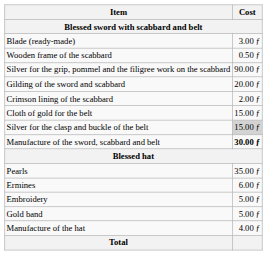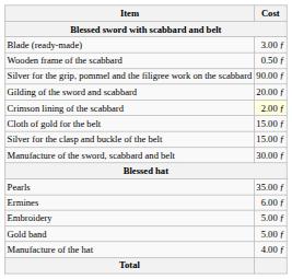 <table class="wikitable" style="font-size: 88%; float: right; clear:right; margin-left:1em">
 <tr>
 <th>Item</th>
 <th>Cost</th>
 </tr>
 <tr>
 <th Colspan=2 align=left>Blessed sword with scabbard and belt</th>
 </tr>
 <tr>
 <td>Blade (ready-made)</td>
 <td align=right>3.00 ƒ</td>
 </tr>
 <tr>
 <td>Wooden frame of the scabbard</td>
 <td align=right>0.50 ƒ</td>
 </tr>
 <tr>
 <td>Silver for the grip, pommel and the filigree work on the scabbard</td>
 <td align=right>90.00 ƒ</td>
 </tr>
 <tr>
 <td>Gilding of the sword and scabbard</td>
 <td align=right>20.00 ƒ</td>
 </tr>
 <tr>
 <td>Crimson lining of the scabbard</td>
-<td align=right>2.00 ƒ</td>
+<td align=right style="background: lightyellow;">2.00 ƒ</td>
 </tr>
 <tr>
 <td>Cloth of gold for the belt</td>
 <td align=right>15.00 ƒ</td>
 </tr>
 <tr>
 <td>Silver for the clasp and buckle of the belt</td>
-<td align=right style="background: lightgrey;">15.00 ƒ</td>
+<td align=right>15.00 ƒ</td>
 </tr>
 <tr>
 <td>Manufacture of the sword, scabbard and belt</td>
-<td align=right><strong>30.00 ƒ</strong></td>
+<td align=right>30.00 ƒ</td>
 </tr>
 <tr>
 <th Colspan=2 align=left>Blessed hat</th>
 </tr>
 <tr>
 <td>Pearls</td>
 <td align=right>35.00 ƒ</td>
 </tr>
 <tr>
 <td>Ermines</td>
 <td align=right>6.00 ƒ</td>
 </tr>
 <tr>
 <td>Embroidery</td>
 <td align=right>5.00 ƒ</td>
 </tr>
 <tr>
 <td>Gold band</td>
 <td align=right>5.00 ƒ</td>
 </tr>
 <tr>
 <td>Manufacture of the hat</td>
 <td align=right>4.00 ƒ</td>
 </tr>
 <tr>
 <th align=left>Total</th>
 <th align=right></th>
 </tr>
 </table>
